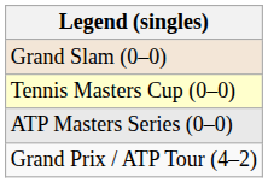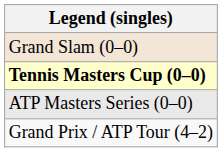 <table class="wikitable sortable mw-collapsible mw-collapsed">
 <tr>
 <th>Legend (singles)</th>
 </tr>
 <tr style="background:#f3e6d7;">
 <td>Grand Slam (0–0)</td>
 </tr>
 <tr style="background:#ffffcc;">
-<td>Tennis Masters Cup (0–0)</td>
+<td><strong>Tennis Masters Cup (0–0)</strong></td>
 </tr>
 <tr style="background:#e9e9e9;">
 <td>ATP Masters Series (0–0)</td>
 </tr>
 <tr>
 <td>Grand Prix / ATP Tour (4–2)</td>
 </tr>
 </table>
